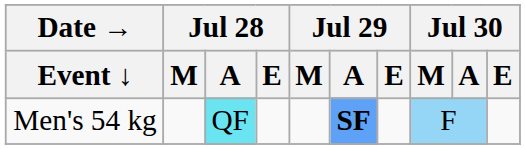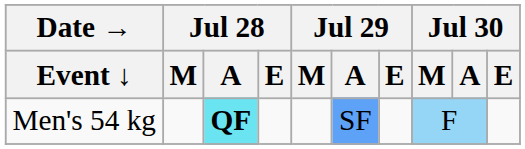 <table class="wikitable" style="margin:0.5em auto;">
 <tr>
 <th>Date →</th>
 <th colspan="3">Jul 28</th>
 <th colspan="3">Jul 29</th>
 <th colspan="3">Jul 30</th>
 </tr>
 <tr>
 <th>Event  ↓</th>
 <th>M</th>
 <th>A</th>
 <th>E</th>
 <th>M</th>
 <th>A</th>
 <th>E</th>
 <th>M</th>
 <th>A</th>
 <th>E</th>
 </tr>
 <tr>
 <td class="event">Men's 54 kg</td>
 <td></td>
-<td bgcolor="#6be4f2" align=center>QF</td>
+<td bgcolor="#6be4f2" align=center><strong>QF</strong></td>
 <td></td>
 <td></td>
-<td bgcolor="#5ea2f7" align=center><strong>SF</strong></td>
+<td bgcolor="#5ea2f7" align=center>SF</td>
 <td></td>
 <td colspan="2" bgcolor="#95d6f7" align=center>F</td>
 <td></td>
 </tr>
 </table>
